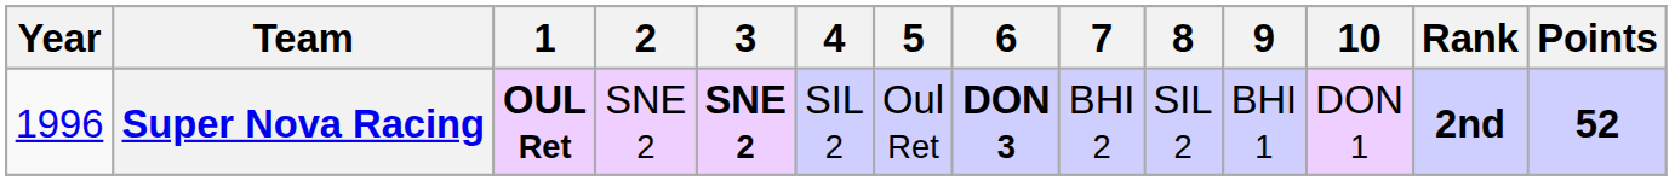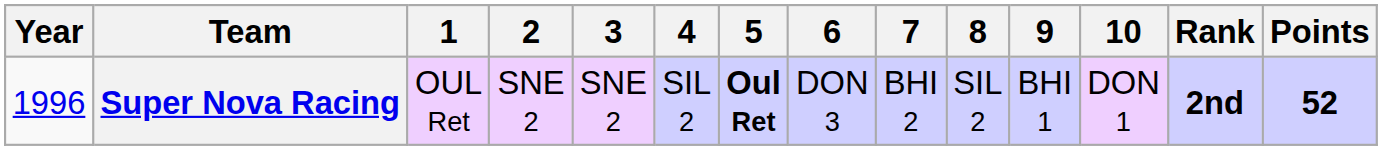 <table class="wikitable" style="text-align:center; font-size:95%">
 <tr>
 <th>Year</th>
 <th>Team</th>
 <th>1</th>
 <th>2</th>
 <th>3</th>
 <th>4</th>
 <th>5</th>
 <th>6</th>
 <th>7</th>
 <th>8</th>
 <th>9</th>
 <th>10</th>
 <th>Rank</th>
 <th>Points</th>
 </tr>
 <tr>
 <td rowspan="2"><a href='#'>1996</a></td>
 <th><a href='#'>Super Nova Racing</a></th>
-<td style="background:#EFCFFF;"><strong>OUL<br><small>Ret</small></strong></td>
+<td style="background:#EFCFFF;">OUL<br><small>Ret</small></td>
 <td style="background:#EFCFFF;">SNE<br><small>2</small></td>
-<td style="background:#EFCFFF;"><strong>SNE<br><small>2</small></strong></td>
+<td style="background:#EFCFFF;">SNE<br><small>2</small></td>
 <td style="background:#CFCFFF;">SIL<br><small>2</small></td>
-<td style="background:#CFCFFF;">Oul<br><small>Ret</small></td>
-<td style="background:#CFCFFF;"><strong>DON<br><small>3</small></strong></td>
+<td style="background:#CFCFFF;"><strong>Oul<br><small>Ret</small></strong></td>
+<td style="background:#CFCFFF;">DON<br><small>3</small></td>
 <td style="background:#CFCFFF;">BHI<br><small>2</small></td>
 <td style="background:#CFCFFF;">SIL<br><small>2</small></td>
 <td style="background:#CFCFFF;">BHI<br><small>1</small></td>
 <td style="background:#EFCFFF;">DON<br><small>1</small></td>
 <td rowspan="2" style="background:#CFCFFF;"><strong>2nd</strong></td>
 <td rowspan="2" style="background:#CFCFFF;"><strong>52</strong></td>
 </tr>
 </table>
